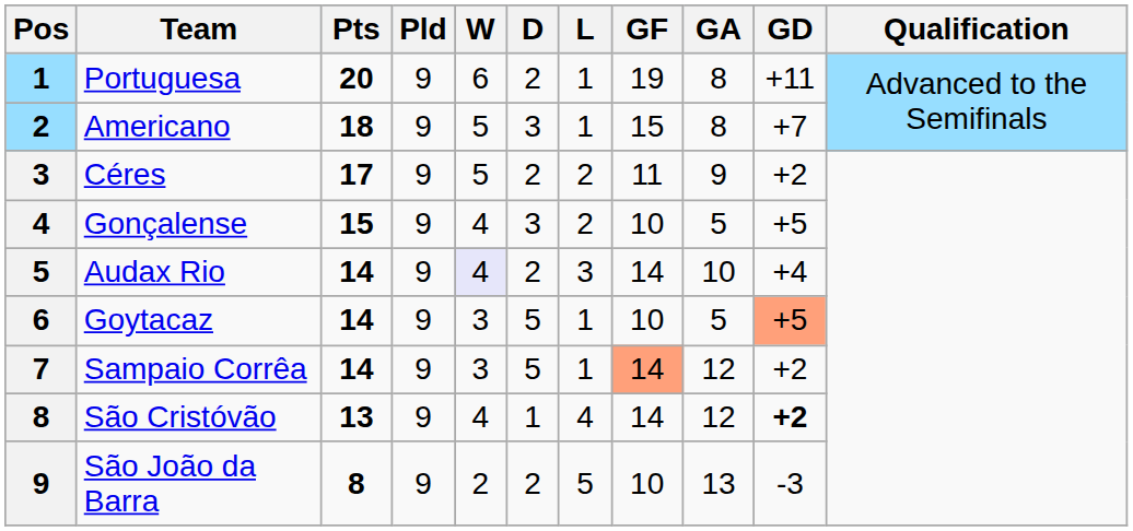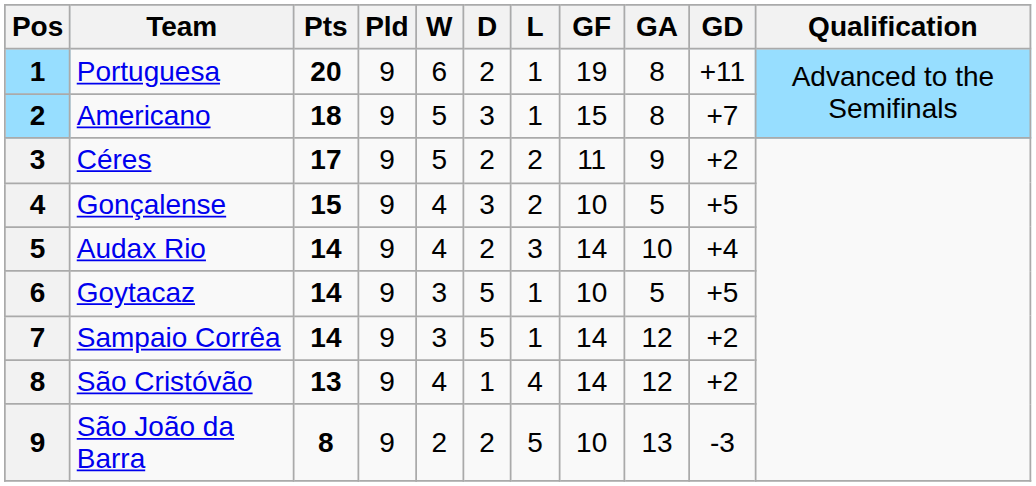 <table class="wikitable" style="text-align:center;">
 <tr bgcolor="#CCDDEE">
 <th width="30">Pos</th>
 <th width="120">Team</th>
 <th width="30">Pts</th>
 <th width="25">Pld</th>
 <th width="20">W</th>
 <th width="20">D</th>
 <th width="20">L</th>
 <th width="30">GF</th>
 <th width="30">GA</th>
 <th width="30">GD</th>
 <th width="150">Qualification</th>
 </tr>
 <tr>
 <td bgcolor="#97DEFF"><strong>1</strong></td>
 <td align="left"><a href='#'>Portuguesa</a></td>
 <td><strong>20</strong></td>
 <td>9</td>
 <td>6</td>
 <td>2</td>
 <td>1</td>
 <td>19</td>
 <td>8</td>
 <td>+11</td>
 <td rowspan="2" bgcolor="#97DEFF">Advanced to the Semifinals</td>
 </tr>
 <tr>
 <td bgcolor="#97DEFF"><strong>2</strong></td>
 <td align="left"><a href='#'>Americano</a></td>
 <td><strong>18</strong></td>
 <td>9</td>
 <td>5</td>
 <td>3</td>
 <td>1</td>
 <td>15</td>
 <td>8</td>
 <td>+7</td>
 </tr>
 <tr>
 <th>3</th>
 <td align="left"><a href='#'>Céres</a></td>
 <td><strong>17</strong></td>
 <td>9</td>
 <td>5</td>
 <td>2</td>
 <td>2</td>
 <td>11</td>
 <td>9</td>
 <td>+2</td>
 <td rowspan="7"></td>
 </tr>
 <tr>
 <th>4</th>
 <td align="left"><a href='#'>Gonçalense</a></td>
 <td><strong>15</strong></td>
 <td>9</td>
 <td>4</td>
 <td>3</td>
 <td>2</td>
 <td>10</td>
 <td>5</td>
 <td>+5</td>
 </tr>
 <tr>
 <th>5</th>
 <td align="left"><a href='#'>Audax Rio</a></td>
 <td><strong>14</strong></td>
 <td>9</td>
-<td style="background: lavender;">4</td>
+<td>4</td>
 <td>2</td>
 <td>3</td>
 <td>14</td>
 <td>10</td>
 <td>+4</td>
 </tr>
 <tr>
 <th>6</th>
 <td align="left"><a href='#'>Goytacaz</a></td>
 <td><strong>14</strong></td>
 <td>9</td>
 <td>3</td>
 <td>5</td>
 <td>1</td>
 <td>10</td>
 <td>5</td>
-<td style="background: lightsalmon;">+5</td>
+<td>+5</td>
 </tr>
 <tr>
 <th>7</th>
 <td align="left"><a href='#'>Sampaio Corrêa</a></td>
 <td><strong>14</strong></td>
 <td>9</td>
 <td>3</td>
 <td>5</td>
 <td>1</td>
-<td style="background: lightsalmon;">14</td>
+<td>14</td>
 <td>12</td>
 <td>+2</td>
 </tr>
 <tr>
 <th>8</th>
 <td align="left"><a href='#'>São Cristóvão</a></td>
 <td><strong>13</strong></td>
 <td>9</td>
 <td>4</td>
 <td>1</td>
 <td>4</td>
 <td>14</td>
 <td>12</td>
-<td><strong>+2</strong></td>
+<td>+2</td>
 </tr>
 <tr>
 <th>9</th>
 <td align="left"><a href='#'>São João da Barra</a></td>
 <td><strong>8</strong></td>
 <td>9</td>
 <td>2</td>
 <td>2</td>
 <td>5</td>
 <td>10</td>
 <td>13</td>
 <td>-3</td>
 </tr>
 </table>
